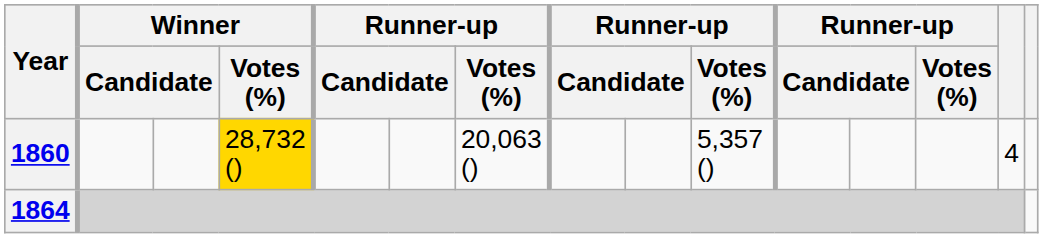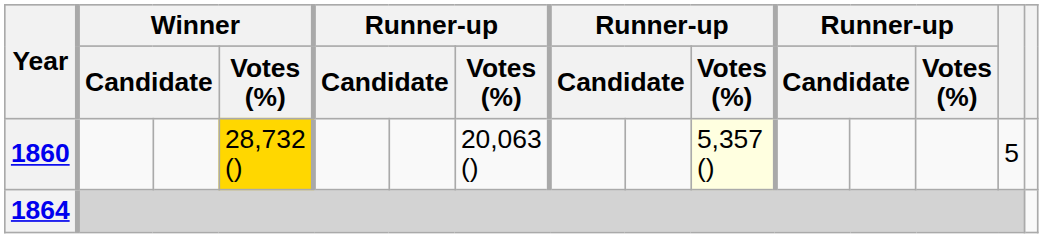 <table class="wikitable">
 <tr>
 <th scope=col rowspan="2">Year</th>
 <th scope=col colspan="3" style="border-left:3px solid darkgray;">Winner</th>
 <th scope=col colspan="3" style="border-left:3px solid darkgray;">Runner-up</th>
 <th scope=col colspan="3" style="border-left:3px solid darkgray;">Runner-up</th>
 <th scope=col colspan="3" style="border-left:3px solid darkgray;">Runner-up</th>
 <th scope="col" rowspan="2"></th>
 <th scope="col" class="unsortable" rowspan="2"></th>
 </tr>
 <tr>
 <th scope="col" style="border-left:3px solid darkgray;" colspan="2">Candidate</th>
 <th scope="col" data-sort-type="number">Votes<br>(%)</th>
 <th scope="col" style="border-left:3px solid darkgray;" colspan="2">Candidate</th>
 <th scope="col" data-sort-type="number">Votes<br>(%)</th>
 <th scope="col" style="border-left:3px solid darkgray;" colspan="2">Candidate</th>
 <th>Votes<br>(%)</th>
 <th scope="col" style="border-left:3px solid darkgray;" colspan="2">Candidate</th>
 <th>Votes<br>(%)</th>
 </tr>
 <tr>
 <th scope="row"> <a href='#'>1860</a></th>
 <td style="text-align:left; border-left:3px solid darkgray; background-color:"></td>
 <td><strong></strong> </td>
 <td style="background: gold;">28,732<br>()</td>
 <td style="text-align:left; border-left:3px solid darkgray; background-color:"></td>
 <td> </td>
 <td>20,063<br>()</td>
 <td style="text-align:left; border-left:3px solid darkgray; background-color:"></td>
 <td> </td>
-<td>5,357<br>()</td>
+<td style="background: lightyellow;">5,357<br>()</td>
 <td style="text-align:left; border-left:3px solid darkgray; background-color:"></td>
 <td> </td>
 <td></td>
-<td>4</td>
+<td>5</td>
 <td></td>
 </tr>
 <tr>
 <th> <a href='#'>1864</a></th>
 <td colspan="13" style="text-align:left; border-left:3px solid darkgray; background:#D3D3D3;"></td>
 <td></td>
 </tr>
 </table>
